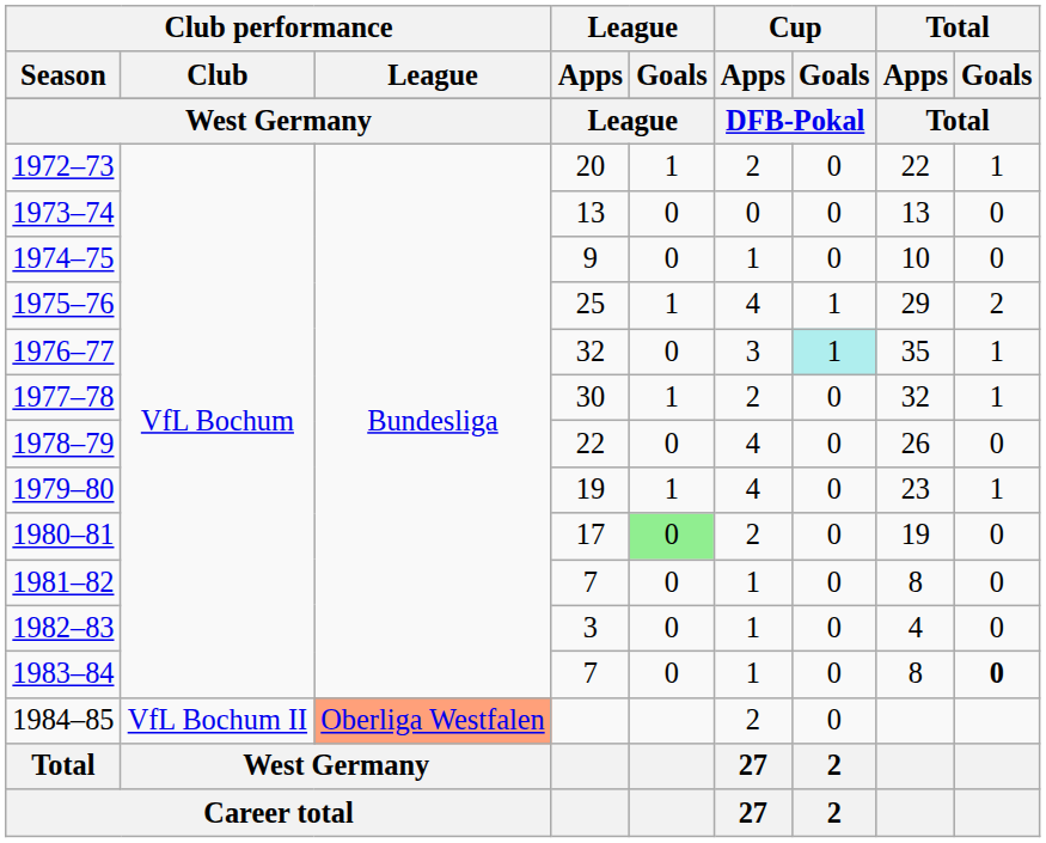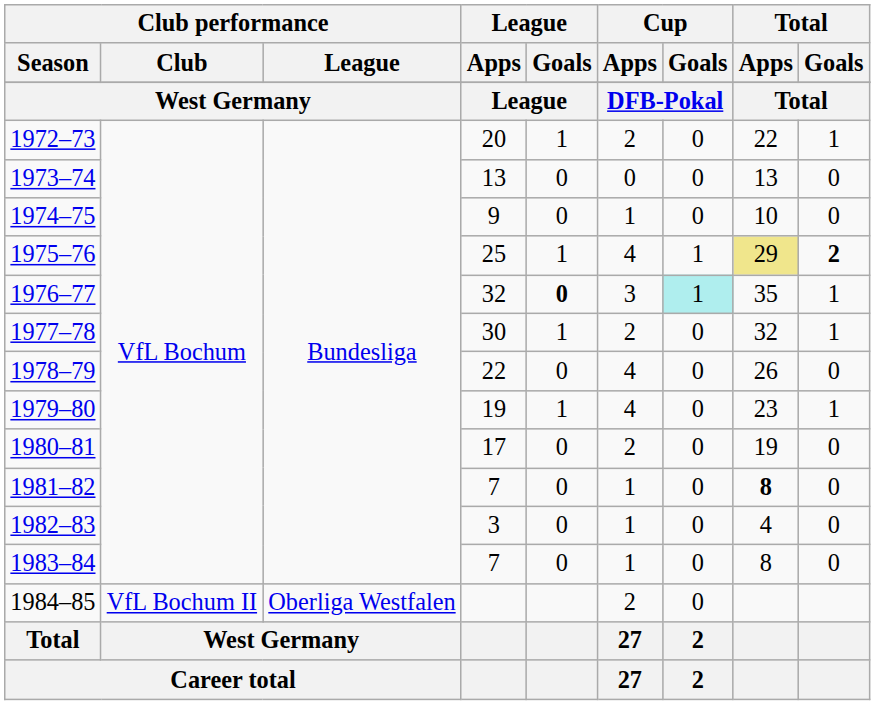 <table class="wikitable" style="text-align:center">
 <tr>
 <th colspan=3>Club performance</th>
 <th colspan=2>League</th>
 <th colspan=2>Cup</th>
 <th colspan=2>Total</th>
 </tr>
 <tr>
 <th>Season</th>
 <th>Club</th>
 <th>League</th>
 <th>Apps</th>
 <th>Goals</th>
 <th>Apps</th>
 <th>Goals</th>
 <th>Apps</th>
 <th>Goals</th>
 </tr>
 <tr>
 </tr>
 <tr>
 <th colspan=3>West Germany</th>
 <th colspan=2>League</th>
 <th colspan=2><a href='#'>DFB-Pokal</a></th>
 <th colspan=2>Total</th>
 </tr>
 <tr>
 <td><a href='#'>1972–73</a></td>
 <td rowspan="12"><a href='#'>VfL Bochum</a></td>
 <td rowspan="12"><a href='#'>Bundesliga</a></td>
 <td>20</td>
 <td>1</td>
 <td>2</td>
 <td>0</td>
 <td>22</td>
 <td>1</td>
 </tr>
 <tr>
 <td><a href='#'>1973–74</a></td>
 <td>13</td>
 <td>0</td>
 <td>0</td>
 <td>0</td>
 <td>13</td>
 <td>0</td>
 </tr>
 <tr>
 <td><a href='#'>1974–75</a></td>
 <td>9</td>
 <td>0</td>
 <td>1</td>
 <td>0</td>
 <td>10</td>
 <td>0</td>
 </tr>
 <tr>
 <td><a href='#'>1975–76</a></td>
 <td>25</td>
 <td>1</td>
 <td>4</td>
 <td>1</td>
-<td>29</td>
-<td>2</td>
+<td style="background: khaki;">29</td>
+<td><strong>2</strong></td>
 </tr>
 <tr>
 <td><a href='#'>1976–77</a></td>
 <td>32</td>
-<td>0</td>
+<td><strong>0</strong></td>
 <td>3</td>
 <td style="background: paleturquoise;">1</td>
 <td>35</td>
 <td>1</td>
 </tr>
 <tr>
 <td><a href='#'>1977–78</a></td>
 <td>30</td>
 <td>1</td>
 <td>2</td>
 <td>0</td>
 <td>32</td>
 <td>1</td>
 </tr>
 <tr>
 <td><a href='#'>1978–79</a></td>
 <td>22</td>
 <td>0</td>
 <td>4</td>
 <td>0</td>
 <td>26</td>
 <td>0</td>
 </tr>
 <tr>
 <td><a href='#'>1979–80</a></td>
 <td>19</td>
 <td>1</td>
 <td>4</td>
 <td>0</td>
 <td>23</td>
 <td>1</td>
 </tr>
 <tr>
 <td><a href='#'>1980–81</a></td>
 <td>17</td>
-<td style="background: lightgreen;">0</td>
+<td>0</td>
 <td>2</td>
 <td>0</td>
 <td>19</td>
 <td>0</td>
 </tr>
 <tr>
 <td><a href='#'>1981–82</a></td>
 <td>7</td>
 <td>0</td>
 <td>1</td>
 <td>0</td>
-<td>8</td>
+<td><strong>8</strong></td>
 <td>0</td>
 </tr>
 <tr>
 <td><a href='#'>1982–83</a></td>
 <td>3</td>
 <td>0</td>
 <td>1</td>
 <td>0</td>
 <td>4</td>
 <td>0</td>
 </tr>
 <tr>
 <td><a href='#'>1983–84</a></td>
 <td>7</td>
 <td>0</td>
 <td>1</td>
 <td>0</td>
 <td>8</td>
-<td><strong>0</strong></td>
+<td>0</td>
 </tr>
 <tr>
 <td>1984–85</td>
 <td><a href='#'>VfL Bochum II</a></td>
-<td style="background: lightsalmon;"><a href='#'>Oberliga Westfalen</a></td>
+<td><a href='#'>Oberliga Westfalen</a></td>
 <td></td>
 <td></td>
 <td>2</td>
 <td>0</td>
 <td></td>
 <td></td>
 </tr>
 <tr>
 <th rowspan=1>Total</th>
 <th colspan=2>West Germany</th>
 <th></th>
 <th></th>
 <th>27</th>
 <th>2</th>
 <th></th>
 <th></th>
 </tr>
 <tr>
 <th colspan=3>Career total</th>
 <th></th>
 <th></th>
 <th>27</th>
 <th>2</th>
 <th></th>
 <th></th>
 </tr>
 </table>
